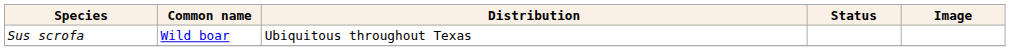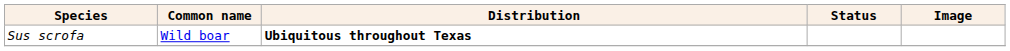 <table class="sortable wikitable plainrowheaders" border="0" style="background:#ffffff" align="top" class="sortable wikitable">
 <tr ->
 <th scope="col" style="background-color:Linen; color:Black" width=150 px>Species</th>
 <th scope="col" style="background-color:Linen; color:Black" width=100 px>Common name</th>
 <th scope="col" style="background:Linen; color:Black" width=550 px>Distribution</th>
 <th scope="col" style="background-color:Linen; color:Black" width=90 px>Status</th>
 <th scope="col" style="background:Linen; color:Black" width=100 px>Image</th>
 </tr>
 <tr>
 <td !scope="row" style="background:#ffffff"><em>Sus scrofa</em></td>
 <td><a href='#'>Wild boar</a></td>
-<td>Ubiquitous throughout Texas</td>
+<td><strong>Ubiquitous throughout Texas</strong></td>
 <td></td>
 <td></td>
 </tr>
 <tr>
 </tr>
 </table>
